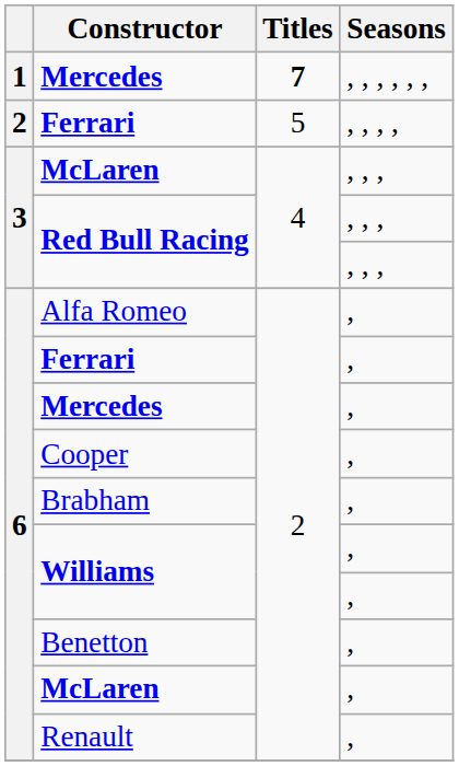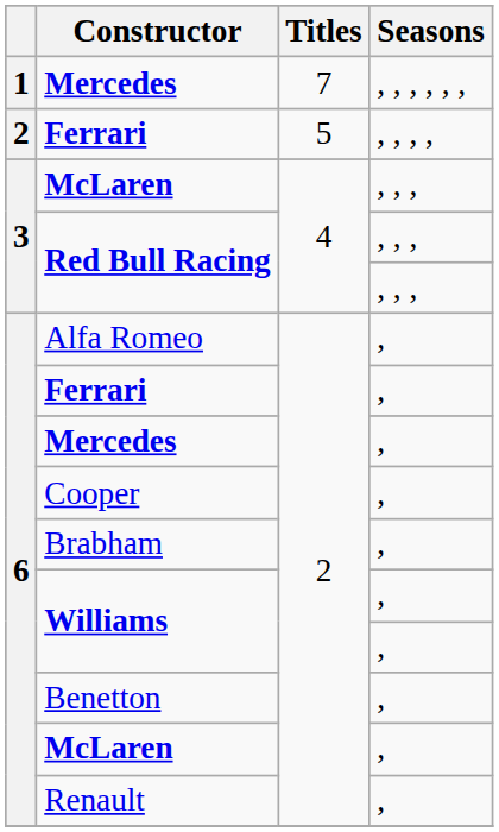 <table class="wikitable">
 <tr>
 <th></th>
 <th>Constructor</th>
 <th>Titles</th>
 <th>Seasons</th>
 </tr>
 <tr>
 <th>1</th>
 <td> <strong><a href='#'>Mercedes</a></strong></td>
-<td align=center><strong>7</strong></td>
+<td align=center>7</td>
 <td>, , , , , , </td>
 </tr>
 <tr>
 <th>2</th>
 <td> <strong><a href='#'>Ferrari</a></strong></td>
 <td align=center>5</td>
 <td>, , , , </td>
 </tr>
 <tr>
 <th rowspan=3>3</th>
 <td> <strong><a href='#'>McLaren</a></strong></td>
 <td rowspan=3 align=center>4</td>
 <td>, , , </td>
 </tr>
 <tr>
 <td rowspan=2> <strong><a href='#'>Red Bull Racing</a></strong></td>
 <td>, , , </td>
 </tr>
 <tr>
 <td>, , , </td>
 </tr>
 <tr>
 <th rowspan=10>6</th>
 <td> <a href='#'>Alfa Romeo</a></td>
 <td rowspan=10 align="center">2</td>
 <td>, </td>
 </tr>
 <tr>
 <td> <strong><a href='#'>Ferrari</a></strong></td>
 <td>, </td>
 </tr>
 <tr>
 <td> <strong><a href='#'>Mercedes</a></strong></td>
 <td>, </td>
 </tr>
 <tr>
 <td> <a href='#'>Cooper</a></td>
 <td>, </td>
 </tr>
 <tr>
 <td> <a href='#'>Brabham</a></td>
 <td>, </td>
 </tr>
 <tr>
 <td rowspan=2> <strong><a href='#'>Williams</a></strong></td>
 <td>, </td>
 </tr>
 <tr>
 <td>, </td>
 </tr>
 <tr>
 <td> <a href='#'>Benetton</a></td>
 <td>, </td>
 </tr>
 <tr>
 <td> <strong><a href='#'>McLaren</a></strong></td>
 <td>, </td>
 </tr>
 <tr>
 <td> <a href='#'>Renault</a></td>
 <td>, </td>
 </tr>
 <tr>
 </tr>
 </table>
